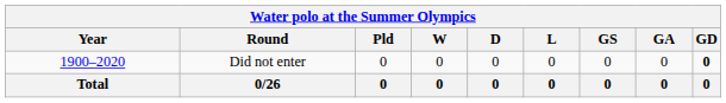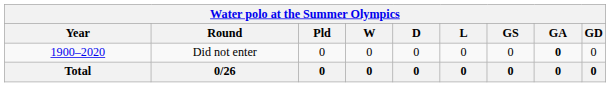 <table class="wikitable" width=50% style="text-align: center;font-size:100%;">
 <tr>
 <th colspan=10><a href='#'>Water polo at the Summer Olympics</a></th>
 </tr>
 <tr>
 <th width=25%>Year</th>
 <th width=25%>Round</th>
 <th width=8%>Pld</th>
 <th width=8%>W</th>
 <th width=8%>D</th>
 <th width=8%>L</th>
 <th width=8%>GS</th>
 <th width=8%>GA</th>
 <th width=10%>GD</th>
 </tr>
 <tr>
 <td><a href='#'>1900–2020</a></td>
 <td>Did not enter</td>
 <td>0</td>
 <td>0</td>
 <td>0</td>
 <td>0</td>
 <td>0</td>
+<td><strong>0</strong></td>
 <td>0</td>
-<td><strong>0</strong></td>
 </tr>
 <tr>
 <th>Total</th>
 <th>0/26</th>
 <th>0</th>
 <th>0</th>
 <th>0</th>
 <th>0</th>
 <th>0</th>
 <th>0</th>
 <th>0</th>
 </tr>
 </table>
